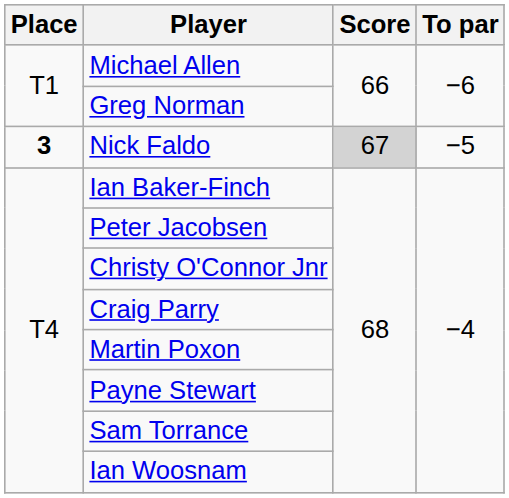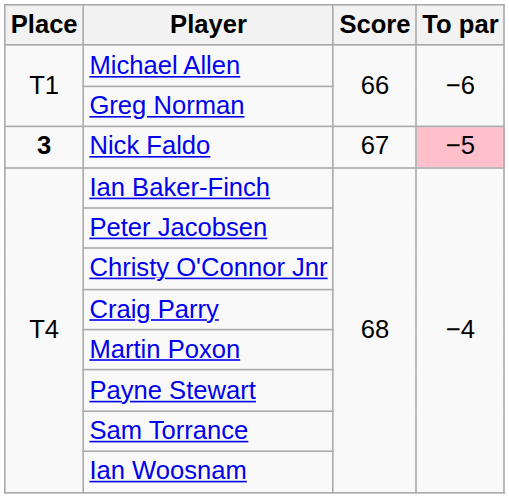 <table class="wikitable">
 <tr>
 <th>Place</th>
 <th>Player</th>
 <th>Score</th>
 <th>To par</th>
 </tr>
 <tr>
 <td rowspan="2" align=center>T1</td>
 <td> <a href='#'>Michael Allen</a></td>
 <td rowspan="2" align=center>66</td>
 <td rowspan="2" align=center>−6</td>
 </tr>
 <tr>
 <td> <a href='#'>Greg Norman</a></td>
 </tr>
 <tr>
 <td align=center><strong>3</strong></td>
 <td> <a href='#'>Nick Faldo</a></td>
-<td align=center style="background: lightgrey;">67</td>
-<td align=center>−5</td>
+<td align=center>67</td>
+<td align=center style="background: pink;">−5</td>
 </tr>
 <tr>
 <td rowspan="8" align=center>T4</td>
 <td> <a href='#'>Ian Baker-Finch</a></td>
 <td rowspan="8" align=center>68</td>
 <td rowspan="8" align=center>−4</td>
 </tr>
 <tr>
 <td> <a href='#'>Peter Jacobsen</a></td>
 </tr>
 <tr>
 <td> <a href='#'>Christy O'Connor Jnr</a></td>
 </tr>
 <tr>
 <td> <a href='#'>Craig Parry</a></td>
 </tr>
 <tr>
 <td> <a href='#'>Martin Poxon</a></td>
 </tr>
 <tr>
 <td> <a href='#'>Payne Stewart</a></td>
 </tr>
 <tr>
 <td> <a href='#'>Sam Torrance</a></td>
 </tr>
 <tr>
 <td> <a href='#'>Ian Woosnam</a></td>
 </tr>
 </table>
